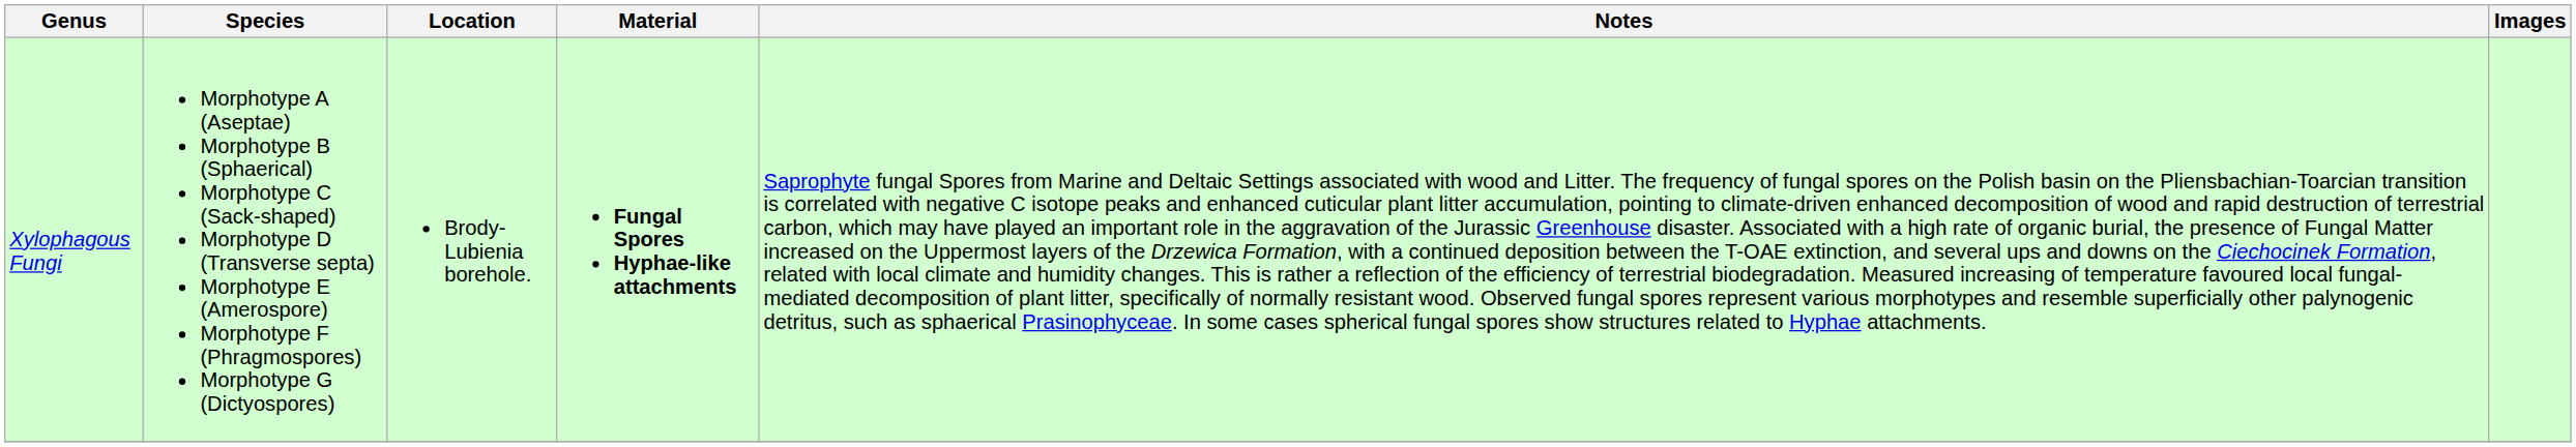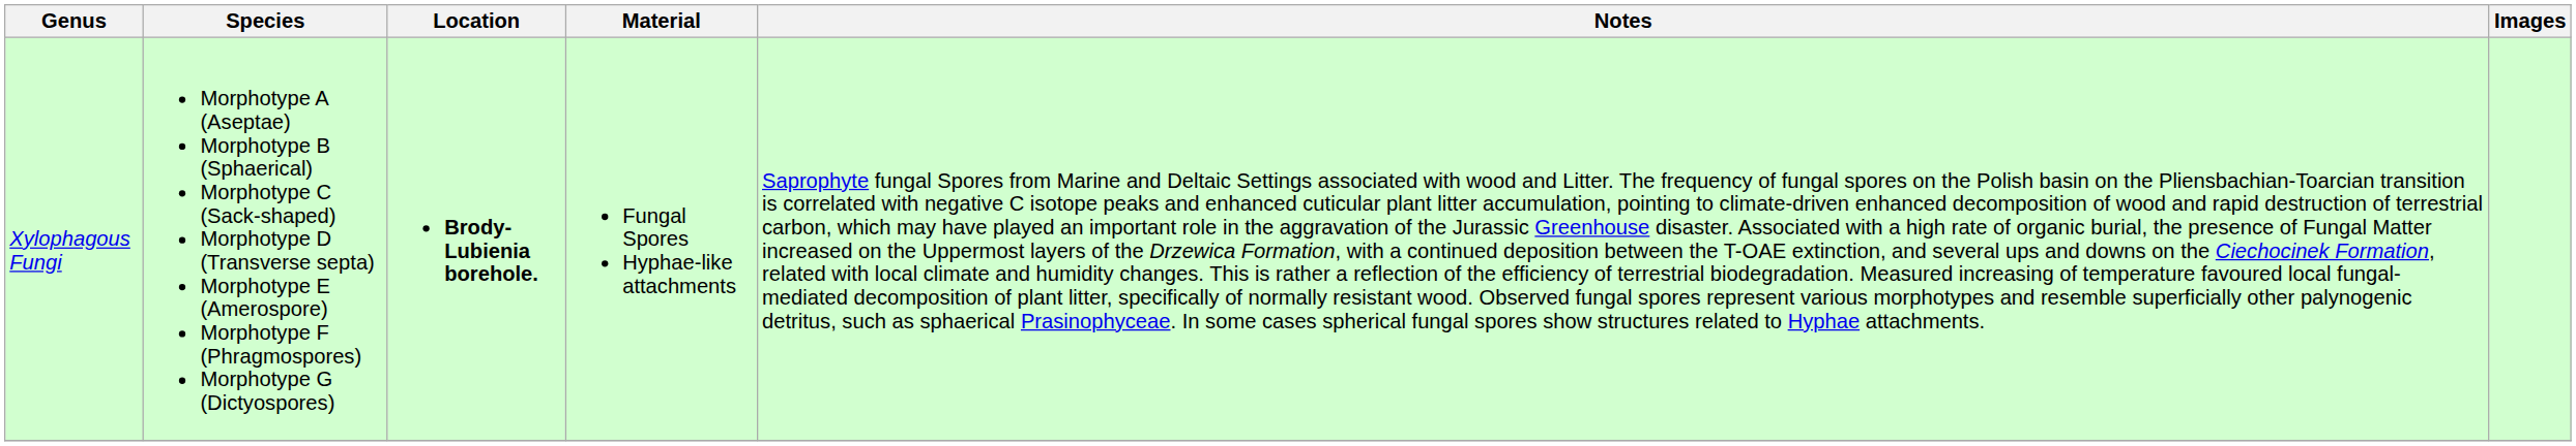 <table class="wikitable sortable">
 <tr>
 <th>Genus</th>
 <th>Species</th>
 <th>Location</th>
 <th>Material</th>
 <th>Notes</th>
 <th>Images</th>
 </tr>
 <tr>
 <td style="background:#D1FFCF;"><br><em><a href='#'>Xylophagous Fungi</a></em></td>
 <td style="background:#D1FFCF;"><br><ul><li>Morphotype A (Aseptae)</li><li>Morphotype B (Sphaerical)</li><li>Morphotype C (Sack-shaped)</li><li>Morphotype D (Transverse septa)</li><li>Morphotype E (Amerospore)</li><li>Morphotype F (Phragmospores)</li><li>Morphotype G (Dictyospores)</li></ul></td>
-<td style="background:#D1FFCF;"><br><ul><li>Brody-Lubienia borehole.</li></ul></td>
-<td style="background:#D1FFCF;"><strong><br><ul><li>Fungal Spores</li><li>Hyphae-like attachments</li></ul></strong></td>
+<td style="background:#D1FFCF;"><strong><br><ul><li>Brody-Lubienia borehole.</li></ul></strong></td>
+<td style="background:#D1FFCF;"><br><ul><li>Fungal Spores</li><li>Hyphae-like attachments</li></ul></td>
 <td style="background:#D1FFCF;"><br><a href='#'>Saprophyte</a> fungal Spores from Marine and Deltaic Settings associated with wood and Litter. The frequency of fungal spores on the Polish basin on the Pliensbachian-Toarcian transition is correlated with negative C isotope peaks and enhanced cuticular plant litter accumulation, pointing to climate-driven enhanced decomposition of wood and rapid destruction of terrestrial carbon, which may have played an important role in the aggravation of the Jurassic <a href='#'>Greenhouse</a> disaster. Associated with a high rate of organic burial, the presence of Fungal Matter increased on the Uppermost layers of the <em>Drzewica Formation</em>, with a continued deposition between the T-OAE extinction, and several ups and downs on the <em><a href='#'>Ciechocinek Formation</a></em>, related with local climate and humidity changes. This is rather a reflection of the efficiency of terrestrial biodegradation. Measured increasing of temperature favoured local fungal-mediated decomposition of plant litter, specifically of normally resistant wood. Observed fungal spores represent various morphotypes and resemble superficially other palynogenic detritus, such as sphaerical <a href='#'>Prasinophyceae</a>. In some cases spherical fungal spores show structures related to <a href='#'>Hyphae</a> attachments.</td>
 <td style="background:#D1FFCF;"><br></td>
 </tr>
 <tr>
 </tr>
 </table>
